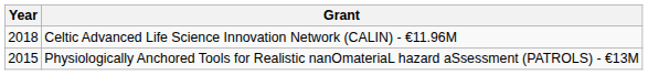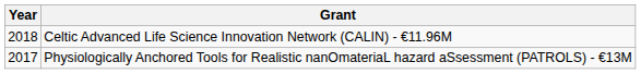 <table class="wikitable">
 <tr>
 <th>Year</th>
 <th>Grant</th>
 </tr>
 <tr>
 <td>2018</td>
 <td>Celtic Advanced Life Science Innovation Network (CALIN) - €11.96M</td>
 </tr>
 <tr>
-<td>2015</td>
+<td>2017</td>
 <td>Physiologically Anchored Tools for Realistic nanOmateriaL hazard aSsessment (PATROLS) - €13M</td>
 </tr>
 </table>
